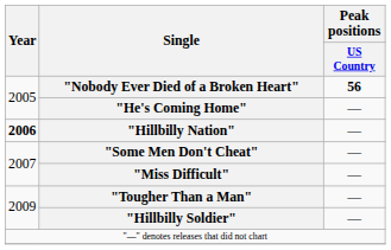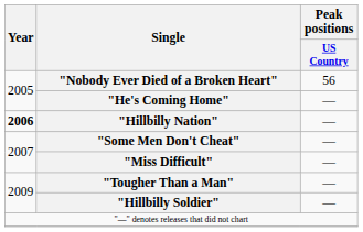 <table class="wikitable plainrowheaders" style="text-align:center;">
 <tr>
 <th rowspan="2">Year</th>
 <th rowspan="2" style="width:20em;">Single</th>
 <th colspan="1">Peak positions</th>
 </tr>
 <tr style="font-size:smaller;">
 <th width="65"><a href='#'>US Country</a></th>
 </tr>
 <tr>
 <td rowspan="2">2005</td>
 <th scope="row">"Nobody Ever Died of a Broken Heart"</th>
-<td><strong>56</strong></td>
+<td>56</td>
 </tr>
 <tr>
 <th scope="row">"He's Coming Home"</th>
 <td>—</td>
 </tr>
 <tr>
 <td><strong>2006</strong></td>
 <th scope="row">"Hillbilly Nation"</th>
 <td>—</td>
 </tr>
 <tr>
 <td rowspan="2">2007</td>
 <th scope="row">"Some Men Don't Cheat"</th>
 <td>—</td>
 </tr>
 <tr>
 <th scope="row">"Miss Difficult"</th>
 <td>—</td>
 </tr>
 <tr>
 <td rowspan="2">2009</td>
 <th scope="row">"Tougher Than a Man"</th>
 <td>—</td>
 </tr>
 <tr>
 <th scope="row">"Hillbilly Soldier"</th>
 <td>—</td>
 </tr>
 <tr>
 <td colspan="4" style="font-size:8pt">"—" denotes releases that did not chart</td>
 </tr>
 <tr>
 </tr>
 </table>
